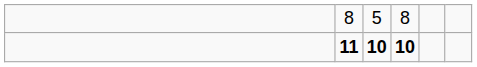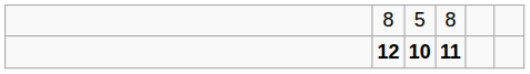 <table class="wikitable">
 <tr>
 <td style="width:18em"></td>
 <td align=center style="width:1em">8</td>
 <td align=center style="width:1em">5</td>
 <td align=center style="width:1em">8</td>
 <td align=center style="width:1em"></td>
 <td align=center style="width:1em"></td>
 </tr>
 <tr>
 <td style="width:18em"><strong></strong></td>
+<td align=center style="width:1em"><strong>12</strong></td>
+<td align=center style="width:1em"><strong>10</strong></td>
 <td align=center style="width:1em"><strong>11</strong></td>
-<td align=center style="width:1em"><strong>10</strong></td>
-<td align=center style="width:1em"><strong>10</strong></td>
 <td align=center style="width:1em"></td>
 <td align=center style="width:1em"></td>
 </tr>
 </table>
